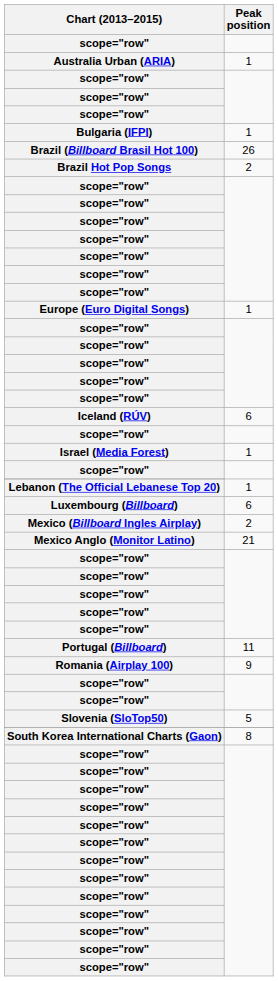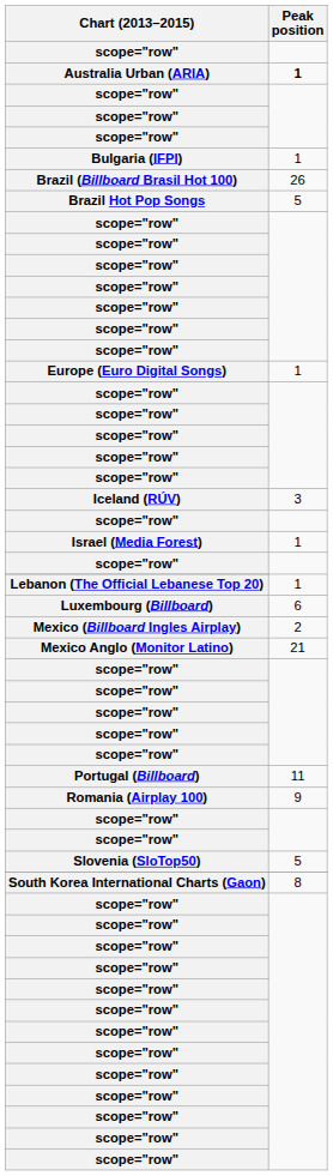 <table class="wikitable plainrowheaders sortable" style="text-align:center">
 <tr>
 <th scope="col">Chart (2013–2015)</th>
 <th scope="col">Peak<br>position</th>
 </tr>
 <tr>
 <th>scope="row"</th>
 </tr>
 <tr>
 <th scope="row">Australia Urban (<a href='#'>ARIA</a>)</th>
-<td style="text-align:center;">1</td>
+<td style="text-align:center;"><strong>1</strong></td>
 </tr>
 <tr>
 <th>scope="row"</th>
 </tr>
 <tr>
 <th>scope="row"</th>
 </tr>
 <tr>
 <th>scope="row"</th>
 </tr>
 <tr>
 <th scope="row">Bulgaria (<a href='#'>IFPI</a>)</th>
 <td style="text-align:center">1</td>
 </tr>
 <tr>
 <th scope="row">Brazil (<a href='#'><em>Billboard</em> Brasil Hot 100</a>)</th>
 <td style="text-align:center;">26</td>
 </tr>
 <tr>
 <th scope="row">Brazil <a href='#'>Hot Pop Songs</a></th>
-<td style="text-align:center;">2</td>
+<td style="text-align:center;">5</td>
 </tr>
 <tr>
 <th>scope="row"</th>
 </tr>
 <tr>
 <th>scope="row"</th>
 </tr>
 <tr>
 <th>scope="row"</th>
 </tr>
 <tr>
 <th>scope="row"</th>
 </tr>
 <tr>
 <th>scope="row"</th>
 </tr>
 <tr>
 <th>scope="row" </th>
 </tr>
 <tr>
 <th>scope="row"</th>
 </tr>
 <tr>
 <th scope="row">Europe (<a href='#'>Euro Digital Songs</a>)</th>
 <td style="text-align:center;">1</td>
 </tr>
 <tr>
 <th>scope="row"</th>
 </tr>
 <tr>
 <th>scope="row"</th>
 </tr>
 <tr>
 <th>scope="row"</th>
 </tr>
 <tr>
 <th>scope="row"</th>
 </tr>
 <tr>
 <th>scope="row"</th>
 </tr>
 <tr>
 <th scope="row">Iceland (<a href='#'>RÚV</a>)</th>
-<td style="text-align:center;">6</td>
+<td style="text-align:center;">3</td>
 </tr>
 <tr>
 <th>scope="row"</th>
 </tr>
 <tr>
 <th scope="row">Israel (<a href='#'>Media Forest</a>)</th>
 <td style="text-align:center;">1</td>
 </tr>
 <tr>
 <th>scope="row"</th>
 </tr>
 <tr>
 </tr>
 <tr>
 <th scope="row">Lebanon (<a href='#'>The Official Lebanese Top 20</a>)</th>
 <td style="text-align:center;">1</td>
 </tr>
 <tr>
 <th scope="row">Luxembourg (<em><a href='#'>Billboard</a></em>)</th>
 <td style="text-align:center;">6</td>
 </tr>
 <tr>
 <th scope="row">Mexico (<a href='#'><em>Billboard</em> Ingles Airplay</a>)</th>
 <td style="text-align:center;">2</td>
 </tr>
 <tr>
 <th scope="row">Mexico Anglo (<a href='#'>Monitor Latino</a>)</th>
 <td style="text-align:center;">21</td>
 </tr>
 <tr>
 <th>scope="row"</th>
 </tr>
 <tr>
 <th>scope="row"</th>
 </tr>
 <tr>
 <th>scope="row"</th>
 </tr>
 <tr>
 <th>scope="row"</th>
 </tr>
 <tr>
 <th>scope="row"</th>
 </tr>
 <tr>
 <th scope="row">Portugal (<em><a href='#'>Billboard</a></em>)</th>
 <td style="text-align:center;">11</td>
 </tr>
 <tr>
 <th scope="row">Romania (<a href='#'>Airplay 100</a>)</th>
 <td style="text-align:center;">9</td>
 </tr>
 <tr>
 <th>scope="row"</th>
 </tr>
 <tr>
 <th>scope="row"</th>
 </tr>
 <tr>
 <th scope="row">Slovenia (<a href='#'>SloTop50</a>)</th>
 <td align=center>5</td>
 </tr>
 <tr>
 </tr>
 <tr>
 <th scope="row">South Korea International Charts (<a href='#'>Gaon</a>)</th>
 <td style="text-align:center;">8</td>
 </tr>
 <tr>
 <th>scope="row"</th>
 </tr>
 <tr>
 <th>scope="row"</th>
 </tr>
 <tr>
 <th>scope="row"</th>
 </tr>
 <tr>
 <th>scope="row"</th>
 </tr>
 <tr>
 <th>scope="row"</th>
 </tr>
 <tr>
 <th>scope="row"</th>
 </tr>
 <tr>
 <th>scope="row"</th>
 </tr>
 <tr>
 <th>scope="row"</th>
 </tr>
 <tr>
 <th>scope="row"</th>
 </tr>
 <tr>
 <th>scope="row"</th>
 </tr>
 <tr>
 <th>scope="row"</th>
 </tr>
 <tr>
 <th>scope="row"</th>
 </tr>
 <tr>
 <th>scope="row"</th>
 </tr>
 </table>
